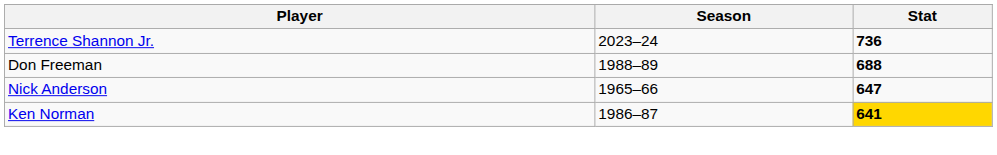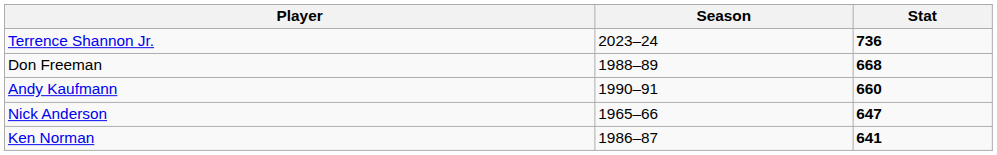 <table class="wikitable sortable" style="text-align: left; width: 65%">
 <tr>
 </tr>
 <tr>
 <th>Player</th>
 <th>Season</th>
 <th>Stat</th>
 </tr>
 <tr>
 <td><a href='#'>Terrence Shannon Jr.</a></td>
 <td>2023–24</td>
 <td><strong>736</strong></td>
 </tr>
 <tr>
 <td>Don Freeman</td>
 <td>1988–89</td>
-<td><strong>688</strong></td>
+<td><strong>668</strong></td>
+</tr>
+<tr>
+<td><a href='#'>Andy Kaufmann</a></td>
+<td>1990–91</td>
+<td><strong>660</strong></td>
 </tr>
 <tr>
 <td><a href='#'>Nick Anderson</a></td>
 <td>1965–66</td>
 <td><strong>647</strong></td>
 </tr>
 <tr>
 <td><a href='#'>Ken Norman</a></td>
 <td>1986–87</td>
-<td style="background: gold;"><strong>641</strong></td>
+<td><strong>641</strong></td>
 </tr>
 </table>
